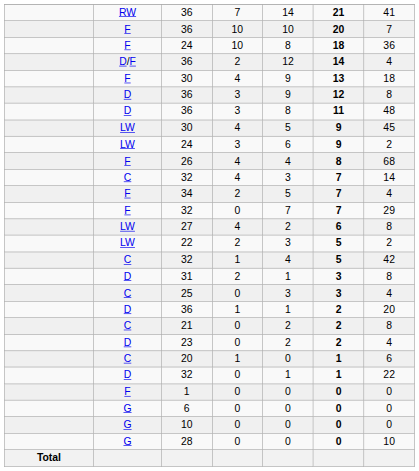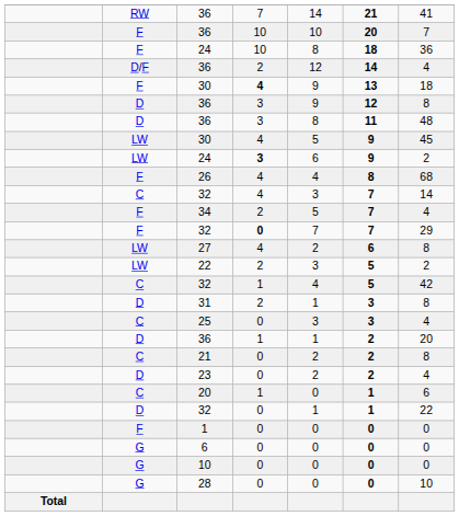 <table class="wikitable sortable" width ="50%">
 <tr align="center">
 </tr>
 <tr align="center" bgcolor="">
 <td></td>
 <td><a href='#'>RW</a></td>
 <td>36</td>
 <td>7</td>
 <td>14</td>
 <td><strong>21</strong></td>
 <td>41</td>
 </tr>
 <tr align="center" bgcolor="f0f0f0">
 <td></td>
 <td><a href='#'>F</a></td>
 <td>36</td>
 <td>10</td>
 <td>10</td>
 <td><strong>20</strong></td>
 <td>7</td>
 </tr>
 <tr align="center" bgcolor="">
 <td></td>
 <td><a href='#'>F</a></td>
 <td>24</td>
 <td>10</td>
 <td>8</td>
 <td><strong>18</strong></td>
 <td>36</td>
 </tr>
 <tr align="center" bgcolor="f0f0f0">
 <td></td>
 <td><a href='#'>D</a>/<a href='#'>F</a></td>
 <td>36</td>
 <td>2</td>
 <td>12</td>
 <td><strong>14</strong></td>
 <td>4</td>
 </tr>
 <tr align="center" bgcolor="">
 <td></td>
 <td><a href='#'>F</a></td>
 <td>30</td>
-<td>4</td>
+<td><strong>4</strong></td>
 <td>9</td>
 <td><strong>13</strong></td>
 <td>18</td>
 </tr>
 <tr align="center" bgcolor="f0f0f0">
 <td></td>
 <td><a href='#'>D</a></td>
 <td>36</td>
 <td>3</td>
 <td>9</td>
 <td><strong>12</strong></td>
 <td>8</td>
 </tr>
 <tr align="center" bgcolor="">
 <td></td>
 <td><a href='#'>D</a></td>
 <td>36</td>
 <td>3</td>
 <td>8</td>
 <td><strong>11</strong></td>
 <td>48</td>
 </tr>
 <tr align="center" bgcolor="f0f0f0">
 <td></td>
 <td><a href='#'>LW</a></td>
 <td>30</td>
 <td>4</td>
 <td>5</td>
 <td><strong>9</strong></td>
 <td>45</td>
 </tr>
 <tr align="center" bgcolor="">
 <td></td>
 <td><a href='#'>LW</a></td>
 <td>24</td>
-<td>3</td>
+<td><strong>3</strong></td>
 <td>6</td>
 <td><strong>9</strong></td>
 <td>2</td>
 </tr>
 <tr align="center" bgcolor="f0f0f0">
 <td></td>
 <td><a href='#'>F</a></td>
 <td>26</td>
 <td>4</td>
 <td>4</td>
 <td><strong>8</strong></td>
 <td>68</td>
 </tr>
 <tr align="center" bgcolor="">
 <td></td>
 <td><a href='#'>C</a></td>
 <td>32</td>
 <td>4</td>
 <td>3</td>
 <td><strong>7</strong></td>
 <td>14</td>
 </tr>
 <tr align="center" bgcolor="f0f0f0">
 <td></td>
 <td><a href='#'>F</a></td>
 <td>34</td>
 <td>2</td>
 <td>5</td>
 <td><strong>7</strong></td>
 <td>4</td>
 </tr>
 <tr align="center" bgcolor="">
 <td></td>
 <td><a href='#'>F</a></td>
 <td>32</td>
-<td>0</td>
+<td><strong>0</strong></td>
 <td>7</td>
 <td><strong>7</strong></td>
 <td>29</td>
 </tr>
 <tr align="center" bgcolor="f0f0f0">
 <td></td>
 <td><a href='#'>LW</a></td>
 <td>27</td>
 <td>4</td>
 <td>2</td>
 <td><strong>6</strong></td>
 <td>8</td>
 </tr>
 <tr align="center" bgcolor="">
 <td></td>
 <td><a href='#'>LW</a></td>
 <td>22</td>
 <td>2</td>
 <td>3</td>
 <td><strong>5</strong></td>
 <td>2</td>
 </tr>
 <tr align="center" bgcolor="f0f0f0">
 <td></td>
 <td><a href='#'>C</a></td>
 <td>32</td>
 <td>1</td>
 <td>4</td>
 <td><strong>5</strong></td>
 <td>42</td>
 </tr>
 <tr align="center" bgcolor="">
 <td></td>
 <td><a href='#'>D</a></td>
 <td>31</td>
 <td>2</td>
 <td>1</td>
 <td><strong>3</strong></td>
 <td>8</td>
 </tr>
 <tr align="center" bgcolor="f0f0f0">
 <td></td>
 <td><a href='#'>C</a></td>
 <td>25</td>
 <td>0</td>
 <td>3</td>
 <td><strong>3</strong></td>
 <td>4</td>
 </tr>
 <tr align="center" bgcolor="">
 <td></td>
 <td><a href='#'>D</a></td>
 <td>36</td>
 <td>1</td>
 <td>1</td>
 <td><strong>2</strong></td>
 <td>20</td>
 </tr>
 <tr align="center" bgcolor="f0f0f0">
 <td></td>
 <td><a href='#'>C</a></td>
 <td>21</td>
 <td>0</td>
 <td>2</td>
 <td><strong>2</strong></td>
 <td>8</td>
 </tr>
 <tr align="center" bgcolor="">
 <td></td>
 <td><a href='#'>D</a></td>
 <td>23</td>
 <td>0</td>
 <td>2</td>
 <td><strong>2</strong></td>
 <td>4</td>
 </tr>
 <tr align="center" bgcolor="f0f0f0">
 <td></td>
 <td><a href='#'>C</a></td>
 <td>20</td>
 <td>1</td>
 <td>0</td>
 <td><strong>1</strong></td>
 <td>6</td>
 </tr>
 <tr align="center" bgcolor="">
 <td></td>
 <td><a href='#'>D</a></td>
 <td>32</td>
 <td>0</td>
 <td>1</td>
 <td><strong>1</strong></td>
 <td>22</td>
 </tr>
 <tr align="center" bgcolor="f0f0f0">
 <td></td>
 <td><a href='#'>F</a></td>
 <td>1</td>
 <td>0</td>
 <td>0</td>
 <td><strong>0</strong></td>
 <td>0</td>
 </tr>
 <tr align="center" bgcolor="">
 <td></td>
 <td><a href='#'>G</a></td>
 <td>6</td>
 <td>0</td>
 <td>0</td>
 <td><strong>0</strong></td>
 <td>0</td>
 </tr>
 <tr align="center" bgcolor="f0f0f0">
 <td></td>
 <td><a href='#'>G</a></td>
 <td>10</td>
 <td>0</td>
 <td>0</td>
 <td><strong>0</strong></td>
 <td>0</td>
 </tr>
 <tr align="center" bgcolor="">
 <td></td>
 <td><a href='#'>G</a></td>
 <td>28</td>
 <td>0</td>
 <td>0</td>
 <td><strong>0</strong></td>
 <td>10</td>
 </tr>
 <tr>
 <th>Total</th>
 <th></th>
 <th></th>
 <th></th>
 <th></th>
 <th></th>
 <th></th>
 </tr>
 </table>
